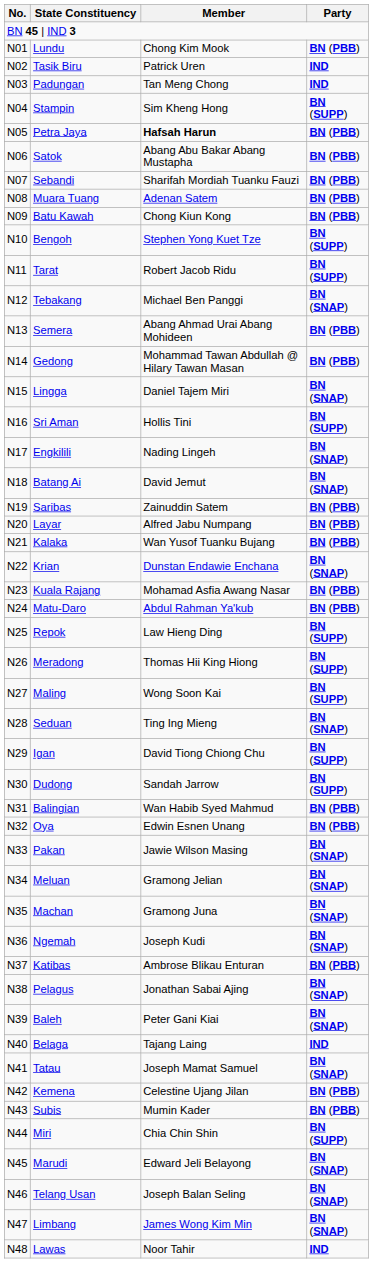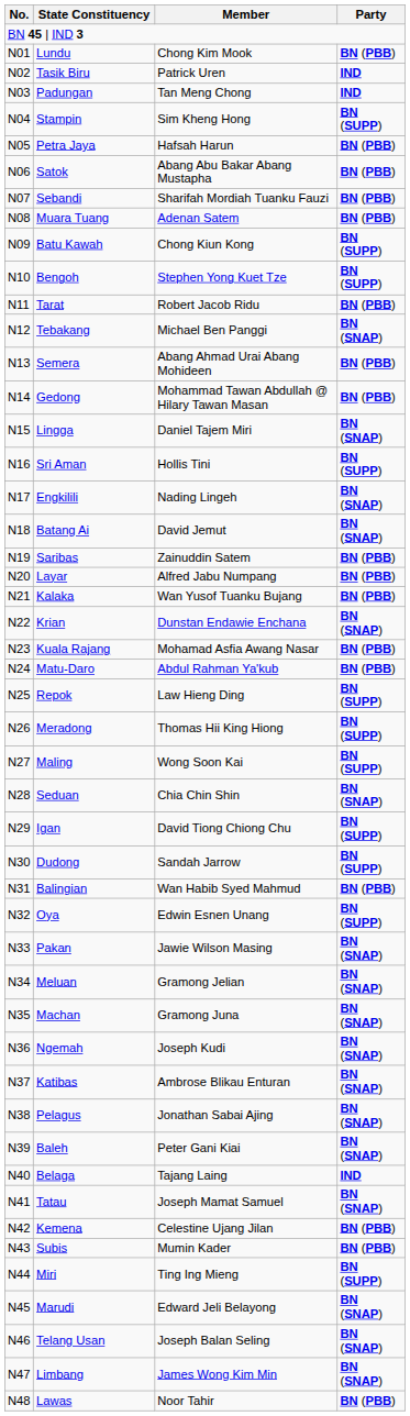 <table class="wikitable sortable">
 <tr>
 <th style="width:30px;">No.</th>
 <th style="width:150px;">State Constituency</th>
 <th style="width:230px;">Member</th>
 <th style="width:80px;">Party</th>
 </tr>
 <tr>
 <td colspan="4"><a href='#'>BN</a> <strong>45</strong> | <a href='#'>IND</a> <strong>3</strong></td>
 </tr>
 <tr>
 <td>N01</td>
 <td><a href='#'>Lundu</a></td>
 <td>Chong Kim Mook</td>
 <td><strong><a href='#'>BN</a></strong> (<strong><a href='#'>PBB</a></strong>)</td>
 </tr>
 <tr>
 <td>N02</td>
 <td><a href='#'>Tasik Biru</a></td>
 <td>Patrick Uren</td>
 <td><strong><a href='#'>IND</a></strong></td>
 </tr>
 <tr>
 <td>N03</td>
 <td><a href='#'>Padungan</a></td>
 <td>Tan Meng Chong</td>
 <td><strong><a href='#'>IND</a></strong></td>
 </tr>
 <tr>
 <td>N04</td>
 <td><a href='#'>Stampin</a></td>
 <td>Sim Kheng Hong</td>
 <td><strong><a href='#'>BN</a></strong> (<strong><a href='#'>SUPP</a></strong>)</td>
 </tr>
 <tr>
 <td>N05</td>
 <td><a href='#'>Petra Jaya</a></td>
-<td><strong>Hafsah Harun</strong></td>
+<td>Hafsah Harun</td>
 <td><strong><a href='#'>BN</a></strong> (<strong><a href='#'>PBB</a></strong>)</td>
 </tr>
 <tr>
 <td>N06</td>
 <td><a href='#'>Satok</a></td>
 <td>Abang Abu Bakar Abang Mustapha</td>
 <td><strong><a href='#'>BN</a></strong>  (<strong><a href='#'>PBB</a></strong>)</td>
 </tr>
 <tr>
 <td>N07</td>
 <td><a href='#'>Sebandi</a></td>
 <td>Sharifah Mordiah Tuanku Fauzi</td>
 <td><strong><a href='#'>BN</a></strong> (<strong><a href='#'>PBB</a></strong>)</td>
 </tr>
 <tr>
 <td>N08</td>
 <td><a href='#'>Muara Tuang</a></td>
 <td><a href='#'>Adenan Satem</a></td>
 <td><strong><a href='#'>BN</a></strong> (<strong><a href='#'>PBB</a></strong>)</td>
 </tr>
 <tr>
 <td>N09</td>
 <td><a href='#'>Batu Kawah</a></td>
 <td>Chong Kiun Kong</td>
-<td><strong><a href='#'>BN</a></strong> (<strong><a href='#'>PBB</a></strong>)</td>
+<td><strong><a href='#'>BN</a></strong> (<strong><a href='#'>SUPP</a></strong>)</td>
 </tr>
 <tr>
 <td>N10</td>
 <td><a href='#'>Bengoh</a></td>
 <td><a href='#'>Stephen Yong Kuet Tze</a></td>
 <td><strong><a href='#'>BN</a></strong> (<strong><a href='#'>SUPP</a></strong>)</td>
 </tr>
 <tr>
 <td>N11</td>
 <td><a href='#'>Tarat</a></td>
 <td>Robert Jacob Ridu</td>
-<td><strong><a href='#'>BN</a></strong> (<strong><a href='#'>SUPP</a></strong>)</td>
+<td><strong><a href='#'>BN</a></strong> (<strong><a href='#'>PBB</a></strong>)</td>
 </tr>
 <tr>
 <td>N12</td>
 <td><a href='#'>Tebakang</a></td>
 <td>Michael Ben Panggi</td>
 <td><strong><a href='#'>BN</a></strong> (<strong><a href='#'>SNAP</a></strong>)</td>
 </tr>
 <tr>
 <td>N13</td>
 <td><a href='#'>Semera</a></td>
 <td>Abang Ahmad Urai Abang Mohideen</td>
 <td><strong><a href='#'>BN</a></strong>  (<strong><a href='#'>PBB</a></strong>)</td>
 </tr>
 <tr>
 <td>N14</td>
 <td><a href='#'>Gedong</a></td>
 <td>Mohammad Tawan Abdullah @ Hilary Tawan Masan</td>
 <td><strong><a href='#'>BN</a></strong> (<strong><a href='#'>PBB</a></strong>)</td>
 </tr>
 <tr>
 <td>N15</td>
 <td><a href='#'>Lingga</a></td>
 <td>Daniel Tajem Miri</td>
 <td><strong><a href='#'>BN</a></strong> (<strong><a href='#'>SNAP</a></strong>)</td>
 </tr>
 <tr>
 <td>N16</td>
 <td><a href='#'>Sri Aman</a></td>
 <td>Hollis Tini</td>
 <td><strong><a href='#'>BN</a></strong> (<strong><a href='#'>SUPP</a></strong>)</td>
 </tr>
 <tr>
 <td>N17</td>
 <td><a href='#'>Engkilili</a></td>
 <td>Nading Lingeh</td>
 <td><strong><a href='#'>BN</a></strong> (<strong><a href='#'>SNAP</a></strong>)</td>
 </tr>
 <tr>
 <td>N18</td>
 <td><a href='#'>Batang Ai</a></td>
 <td>David Jemut</td>
 <td><strong><a href='#'>BN</a></strong> (<strong><a href='#'>SNAP</a></strong>)</td>
 </tr>
 <tr>
 <td>N19</td>
 <td><a href='#'>Saribas</a></td>
 <td>Zainuddin Satem</td>
 <td><strong><a href='#'>BN</a></strong>  (<strong><a href='#'>PBB</a></strong>)</td>
 </tr>
 <tr>
 <td>N20</td>
 <td><a href='#'>Layar</a></td>
 <td>Alfred Jabu Numpang</td>
 <td><strong><a href='#'>BN</a></strong> (<strong><a href='#'>PBB</a></strong>)</td>
 </tr>
 <tr>
 <td>N21</td>
 <td><a href='#'>Kalaka</a></td>
 <td>Wan Yusof Tuanku Bujang</td>
 <td><strong><a href='#'>BN</a></strong>  (<strong><a href='#'>PBB</a></strong>)</td>
 </tr>
 <tr>
 <td>N22</td>
 <td><a href='#'>Krian</a></td>
 <td><a href='#'>Dunstan Endawie Enchana</a></td>
 <td><strong><a href='#'>BN</a></strong> (<strong><a href='#'>SNAP</a></strong>)</td>
 </tr>
 <tr>
 <td>N23</td>
 <td><a href='#'>Kuala Rajang</a></td>
 <td>Mohamad Asfia Awang Nasar</td>
 <td><strong><a href='#'>BN</a></strong> (<strong><a href='#'>PBB</a></strong>)</td>
 </tr>
 <tr>
 <td>N24</td>
 <td><a href='#'>Matu-Daro</a></td>
 <td><a href='#'>Abdul Rahman Ya'kub</a></td>
 <td><strong><a href='#'>BN</a></strong>  (<strong><a href='#'>PBB</a></strong>)</td>
 </tr>
 <tr>
 <td>N25</td>
 <td><a href='#'>Repok</a></td>
 <td>Law Hieng Ding</td>
 <td><strong><a href='#'>BN</a></strong> (<strong><a href='#'>SUPP</a></strong>)</td>
 </tr>
 <tr>
 <td>N26</td>
 <td><a href='#'>Meradong</a></td>
 <td>Thomas Hii King Hiong</td>
 <td><strong><a href='#'>BN</a></strong> (<strong><a href='#'>SUPP</a></strong>)</td>
 </tr>
 <tr>
 <td>N27</td>
 <td><a href='#'>Maling</a></td>
 <td>Wong Soon Kai</td>
 <td><strong><a href='#'>BN</a></strong> (<strong><a href='#'>SUPP</a></strong>)</td>
 </tr>
 <tr>
 <td>N28</td>
 <td><a href='#'>Seduan</a></td>
-<td>Ting Ing Mieng</td>
+<td>Chia Chin Shin</td>
 <td><strong><a href='#'>BN</a></strong> (<strong><a href='#'>SNAP</a></strong>)</td>
 </tr>
 <tr>
 <td>N29</td>
 <td><a href='#'>Igan</a></td>
 <td>David Tiong Chiong Chu</td>
 <td><strong><a href='#'>BN</a></strong> (<strong><a href='#'>SUPP</a></strong>)</td>
 </tr>
 <tr>
 <td>N30</td>
 <td><a href='#'>Dudong</a></td>
 <td>Sandah Jarrow</td>
 <td><strong><a href='#'>BN</a></strong> (<strong><a href='#'>SUPP</a></strong>)</td>
 </tr>
 <tr>
 <td>N31</td>
 <td><a href='#'>Balingian</a></td>
 <td>Wan Habib Syed Mahmud</td>
 <td><strong><a href='#'>BN</a></strong> (<strong><a href='#'>PBB</a></strong>)</td>
 </tr>
 <tr>
 <td>N32</td>
 <td><a href='#'>Oya</a></td>
 <td>Edwin Esnen Unang</td>
-<td><strong><a href='#'>BN</a></strong> (<strong><a href='#'>PBB</a></strong>)</td>
+<td><strong><a href='#'>BN</a></strong> (<strong><a href='#'>SUPP</a></strong>)</td>
 </tr>
 <tr>
 <td>N33</td>
 <td><a href='#'>Pakan</a></td>
 <td>Jawie Wilson Masing</td>
 <td><strong><a href='#'>BN</a></strong> (<strong><a href='#'>SNAP</a></strong>)</td>
 </tr>
 <tr>
 <td>N34</td>
 <td><a href='#'>Meluan</a></td>
 <td>Gramong Jelian</td>
 <td><strong><a href='#'>BN</a></strong> (<strong><a href='#'>SNAP</a></strong>)</td>
 </tr>
 <tr>
 <td>N35</td>
 <td><a href='#'>Machan</a></td>
 <td>Gramong Juna</td>
 <td><strong><a href='#'>BN</a></strong> (<strong><a href='#'>SNAP</a></strong>)</td>
 </tr>
 <tr>
 <td>N36</td>
 <td><a href='#'>Ngemah</a></td>
 <td>Joseph Kudi</td>
 <td><strong><a href='#'>BN</a></strong> (<strong><a href='#'>SNAP</a></strong>)</td>
 </tr>
 <tr>
 <td>N37</td>
 <td><a href='#'>Katibas</a></td>
 <td>Ambrose Blikau Enturan</td>
-<td><strong><a href='#'>BN</a></strong> (<strong><a href='#'>PBB</a></strong>)</td>
+<td><strong><a href='#'>BN</a></strong> (<strong><a href='#'>SNAP</a></strong>)</td>
 </tr>
 <tr>
 <td>N38</td>
 <td><a href='#'>Pelagus</a></td>
 <td>Jonathan Sabai Ajing</td>
 <td><strong><a href='#'>BN</a></strong> (<strong><a href='#'>SNAP</a></strong>)</td>
 </tr>
 <tr>
 <td>N39</td>
 <td><a href='#'>Baleh</a></td>
 <td>Peter Gani Kiai</td>
 <td><strong><a href='#'>BN</a></strong> (<strong><a href='#'>SNAP</a></strong>)</td>
 </tr>
 <tr>
 <td>N40</td>
 <td><a href='#'>Belaga</a></td>
 <td>Tajang Laing</td>
 <td><strong><a href='#'>IND</a></strong></td>
 </tr>
 <tr>
 <td>N41</td>
 <td><a href='#'>Tatau</a></td>
 <td>Joseph Mamat Samuel</td>
 <td><strong><a href='#'>BN</a></strong> (<strong><a href='#'>SNAP</a></strong>)</td>
 </tr>
 <tr>
 <td>N42</td>
 <td><a href='#'>Kemena</a></td>
 <td>Celestine Ujang Jilan</td>
 <td><strong><a href='#'>BN</a></strong> (<strong><a href='#'>PBB</a></strong>)</td>
 </tr>
 <tr>
 <td>N43</td>
 <td><a href='#'>Subis</a></td>
 <td>Mumin Kader</td>
 <td><strong><a href='#'>BN</a></strong> (<strong><a href='#'>PBB</a></strong>)</td>
 </tr>
 <tr>
 <td>N44</td>
 <td><a href='#'>Miri</a></td>
-<td>Chia Chin Shin</td>
+<td>Ting Ing Mieng</td>
 <td><strong><a href='#'>BN</a></strong> (<strong><a href='#'>SUPP</a></strong>)</td>
 </tr>
 <tr>
 <td>N45</td>
 <td><a href='#'>Marudi</a></td>
 <td>Edward Jeli Belayong</td>
 <td><strong><a href='#'>BN</a></strong> (<strong><a href='#'>SNAP</a></strong>)</td>
 </tr>
 <tr>
 <td>N46</td>
 <td><a href='#'>Telang Usan</a></td>
 <td>Joseph Balan Seling</td>
 <td><strong><a href='#'>BN</a></strong> (<strong><a href='#'>SNAP</a></strong>)</td>
 </tr>
 <tr>
 <td>N47</td>
 <td><a href='#'>Limbang</a></td>
 <td><a href='#'>James Wong Kim Min</a></td>
 <td><strong><a href='#'>BN</a></strong> (<strong><a href='#'>SNAP</a></strong>)</td>
 </tr>
 <tr>
 <td>N48</td>
 <td><a href='#'>Lawas</a></td>
 <td>Noor Tahir</td>
-<td><strong><a href='#'>IND</a></strong></td>
+<td><strong><a href='#'>BN</a></strong> (<strong><a href='#'>PBB</a></strong>)</td>
 </tr>
 </table>
